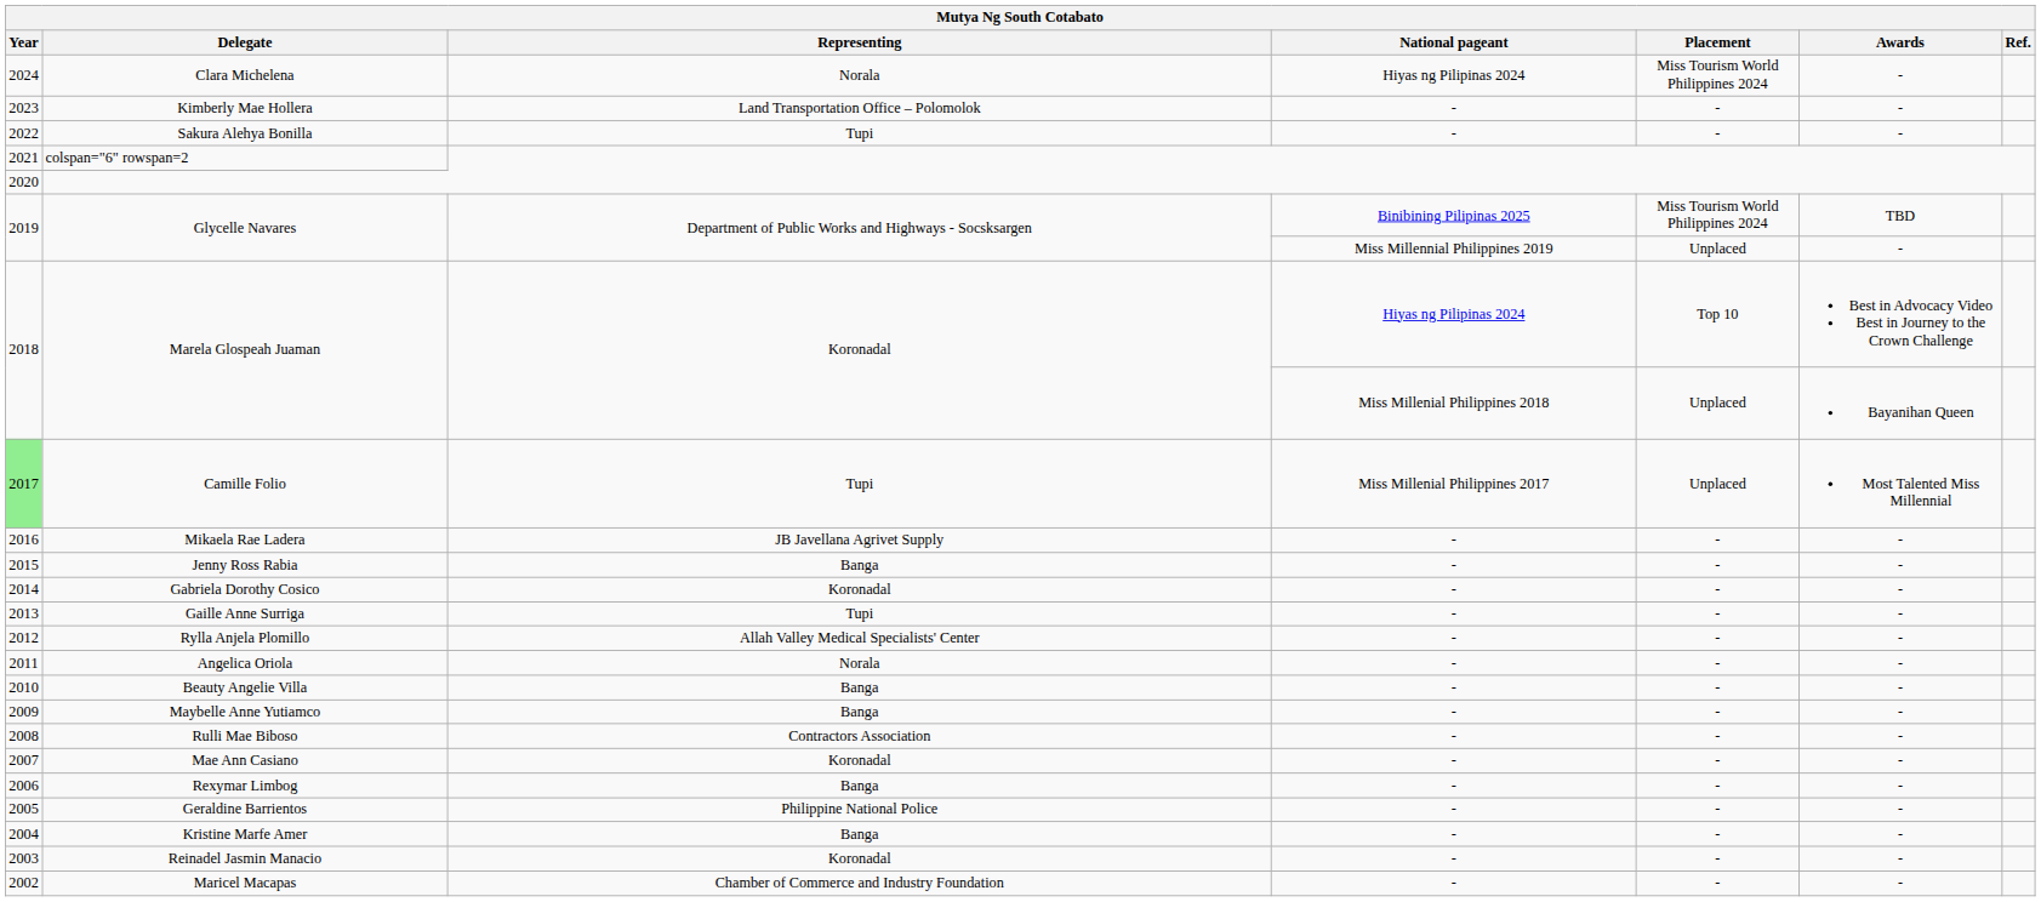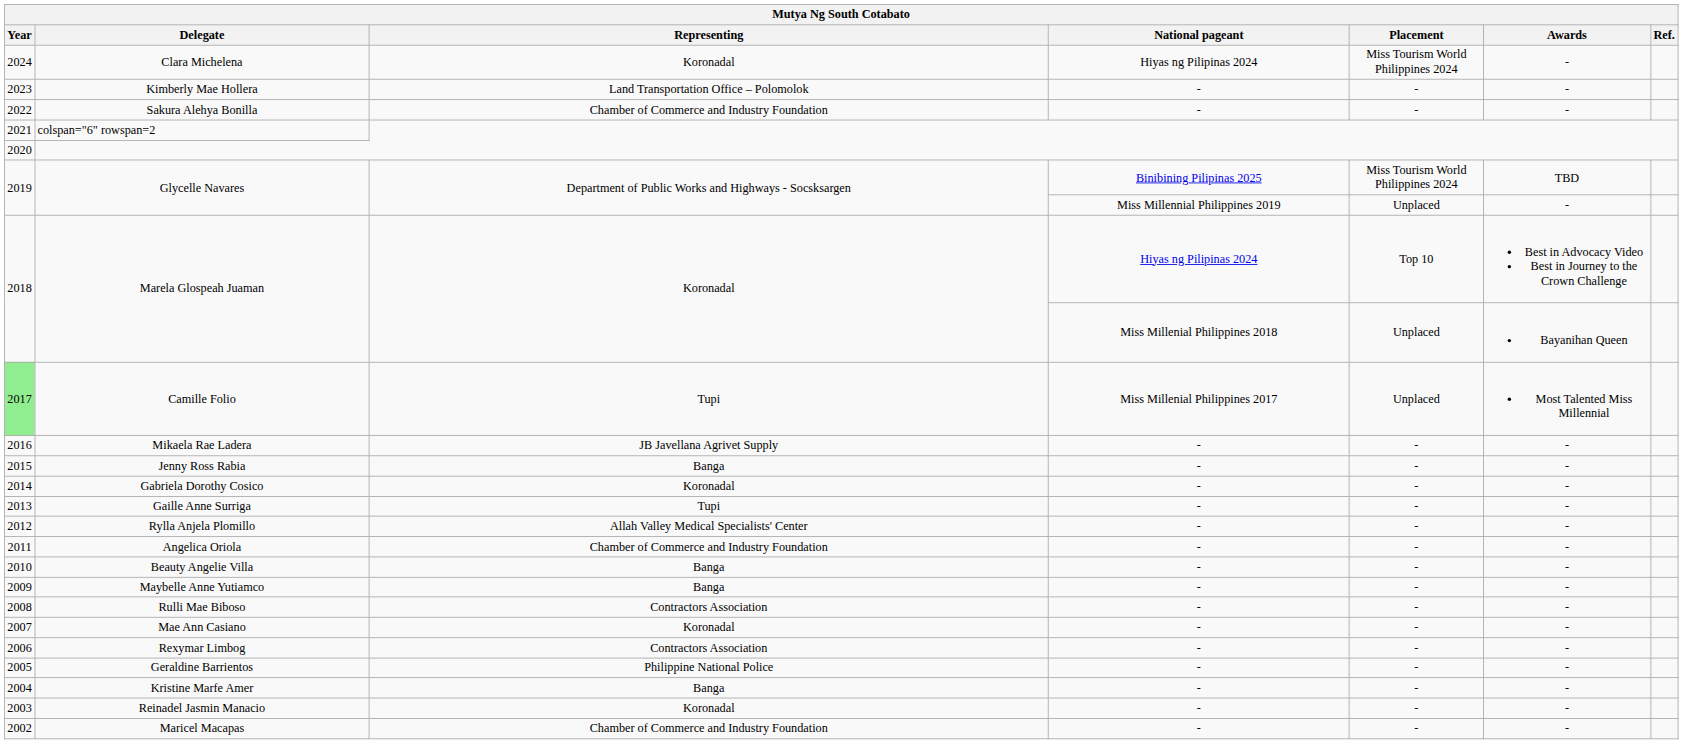 <table class="wikitable sortable wiki table" border="3" cellpadding="3" cellspacing="0" style="margin: 0 1em 0 0; border: 1px #aaa solid; font-size: 90%;">
 <tr>
 <th colspan="7">Mutya Ng South Cotabato</th>
 </tr>
 <tr>
 <th width=0.5%>Year</th>
 <th width=20%>Delegate</th>
 <th width10%>Representing</th>
 <th width=18%>National pageant</th>
 <th width=8%>Placement</th>
 <th width=10%>Awards</th>
 <th width="1%">Ref.</th>
 </tr>
 <tr>
 <td align="center">2024</td>
 <td align="center">Clara Michelena</td>
-<td align="center">Norala</td>
+<td align="center">Koronadal</td>
 <td align="center">Hiyas ng Pilipinas 2024</td>
 <td align="center">Miss Tourism World Philippines 2024</td>
 <td align="center">-</td>
 <td align="center"></td>
 </tr>
 <tr>
 <td align="center">2023</td>
 <td align="center">Kimberly Mae Hollera</td>
 <td align="center">Land Transportation Office – Polomolok</td>
 <td align="center">-</td>
 <td align="center">-</td>
 <td align="center">-</td>
 <td align="center"></td>
 </tr>
 <tr>
 <td align="center">2022</td>
 <td align="center">Sakura Alehya Bonilla</td>
-<td align="center">Tupi</td>
+<td align="center">Chamber of Commerce and Industry Foundation</td>
 <td align="center">-</td>
 <td align="center">-</td>
 <td align="center">-</td>
 <td align="center"></td>
 </tr>
 <tr>
 <td align="center">2021</td>
 <td>colspan="6" rowspan=2 </td>
 </tr>
 <tr>
 <td align="center">2020</td>
 </tr>
 <tr>
 <td rowspan="2" align="center">2019</td>
 <td rowspan="2" align="center">Glycelle Navares</td>
 <td rowspan="2" align="center">Department of Public Works and Highways - Socsksargen</td>
 <td align="center"><a href='#'>Binibining Pilipinas 2025</a></td>
 <td align="center">Miss Tourism World Philippines 2024</td>
 <td align="center">TBD</td>
 <td></td>
 </tr>
 <tr>
 <td align="center">Miss Millennial Philippines 2019</td>
 <td align="center">Unplaced</td>
 <td align="center">-</td>
 <td align="center"></td>
 </tr>
 <tr>
 <td rowspan="2" align="center">2018</td>
 <td rowspan="2" align="center">Marela Glospeah Juaman</td>
 <td rowspan="2" align="center">Koronadal</td>
 <td align="center"><a href='#'>Hiyas ng Pilipinas 2024</a></td>
 <td align="center">Top 10</td>
 <td align="center"><br><ul><li>Best in Advocacy Video</li><li>Best in Journey to the Crown Challenge</li></ul></td>
 <td align="center"></td>
 </tr>
 <tr>
 <td align="center">Miss Millenial Philippines 2018</td>
 <td align="center">Unplaced</td>
 <td align="center"><br><ul><li>Bayanihan Queen</li></ul></td>
 <td align="center"></td>
 </tr>
 <tr>
 <td align="center" style="background: lightgreen;">2017</td>
 <td align="center">Camille Folio</td>
 <td align="center">Tupi</td>
 <td align="center">Miss Millenial Philippines 2017</td>
 <td align="center">Unplaced</td>
 <td align="center"><br><ul><li>Most Talented Miss Millennial</li></ul></td>
 <td align="center"></td>
 </tr>
 <tr>
 <td align="center">2016</td>
 <td align="center">Mikaela Rae Ladera</td>
 <td align="center">JB Javellana Agrivet Supply</td>
 <td align="center">-</td>
 <td align="center">-</td>
 <td align="center">-</td>
 <td align="center"></td>
 </tr>
 <tr>
 <td align="center">2015</td>
 <td align="center">Jenny Ross Rabia</td>
 <td align="center">Banga</td>
 <td align="center">-</td>
 <td align="center">-</td>
 <td align="center">-</td>
 <td align="center"></td>
 </tr>
 <tr>
 <td align="center">2014</td>
 <td align="center">Gabriela Dorothy Cosico</td>
 <td align="center">Koronadal</td>
 <td align="center">-</td>
 <td align="center">-</td>
 <td align="center">-</td>
 <td align="center"></td>
 </tr>
 <tr>
 <td align="center">2013</td>
 <td align="center">Gaille Anne Surriga</td>
 <td align="center">Tupi</td>
 <td align="center">-</td>
 <td align="center">-</td>
 <td align="center">-</td>
 <td align="center"></td>
 </tr>
 <tr>
 <td align="center">2012</td>
 <td align="center">Rylla Anjela Plomillo</td>
 <td align="center">Allah Valley Medical Specialists' Center</td>
 <td align="center">-</td>
 <td align="center">-</td>
 <td align="center">-</td>
 <td align="center"></td>
 </tr>
 <tr>
 <td align="center">2011</td>
 <td align="center">Angelica Oriola</td>
-<td align="center">Norala</td>
+<td align="center">Chamber of Commerce and Industry Foundation</td>
 <td align="center">-</td>
 <td align="center">-</td>
 <td align="center">-</td>
 <td align="center"></td>
 </tr>
 <tr>
 <td align="center">2010</td>
 <td align="center">Beauty Angelie Villa</td>
 <td align="center">Banga</td>
 <td align="center">-</td>
 <td align="center">-</td>
 <td align="center">-</td>
 <td align="center"></td>
 </tr>
 <tr>
 <td align="center">2009</td>
 <td align="center">Maybelle Anne Yutiamco</td>
 <td align="center">Banga</td>
 <td align="center">-</td>
 <td align="center">-</td>
 <td align="center">-</td>
 <td align="center"></td>
 </tr>
 <tr>
 <td align="center">2008</td>
 <td align="center">Rulli Mae Biboso</td>
 <td align="center">Contractors Association</td>
 <td align="center">-</td>
 <td align="center">-</td>
 <td align="center">-</td>
 <td align="center"></td>
 </tr>
 <tr>
 <td align="center">2007</td>
 <td align="center">Mae Ann Casiano</td>
 <td align="center">Koronadal</td>
 <td align="center">-</td>
 <td align="center">-</td>
 <td align="center">-</td>
 <td align="center"></td>
 </tr>
 <tr>
 <td align="center">2006</td>
 <td align="center">Rexymar Limbog</td>
-<td align="center">Banga</td>
+<td align="center">Contractors Association</td>
 <td align="center">-</td>
 <td align="center">-</td>
 <td align="center">-</td>
 <td align="center"></td>
 </tr>
 <tr>
 <td align="center">2005</td>
 <td align="center">Geraldine Barrientos</td>
 <td align="center">Philippine National Police</td>
 <td align="center">-</td>
 <td align="center">-</td>
 <td align="center">-</td>
 <td align="center"></td>
 </tr>
 <tr>
 <td align="center">2004</td>
 <td align="center">Kristine Marfe Amer</td>
 <td align="center">Banga</td>
 <td align="center">-</td>
 <td align="center">-</td>
 <td align="center">-</td>
 <td align="center"></td>
 </tr>
 <tr>
 <td align="center">2003</td>
 <td align="center">Reinadel Jasmin Manacio</td>
 <td align="center">Koronadal</td>
 <td align="center">-</td>
 <td align="center">-</td>
 <td align="center">-</td>
 <td align="center"></td>
 </tr>
 <tr>
 <td align="center">2002</td>
 <td align="center">Maricel Macapas</td>
 <td align="center">Chamber of Commerce and Industry Foundation</td>
 <td align="center">-</td>
 <td align="center">-</td>
 <td align="center">-</td>
 <td align="center"></td>
 </tr>
 </table>
